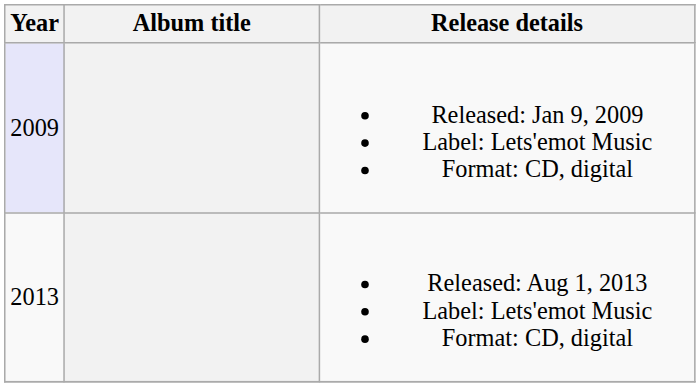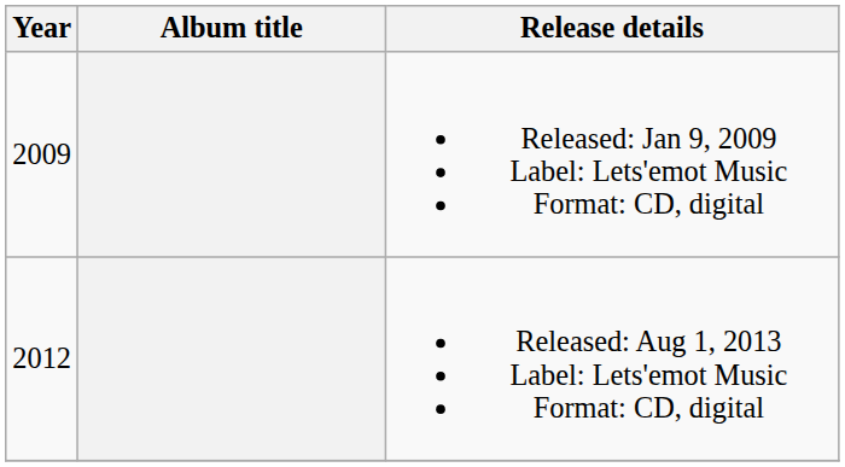 <table class="wikitable plainrowheaders" style="text-align:center;">
 <tr>
 <th>Year</th>
 <th scope="col" rowspan="1" style="width:10em;">Album title</th>
 <th scope="col" rowspan="1" style="width:15em;">Release details</th>
 </tr>
 <tr>
-<td style="background: lavender;">2009</td>
+<td>2009</td>
 <th></th>
 <td><br><ul><li>Released: Jan 9, 2009</li><li>Label: Lets'emot Music</li><li>Format: CD, digital</li></ul></td>
 </tr>
 <tr>
-<td>2013</td>
+<td>2012</td>
 <th></th>
 <td><br><ul><li>Released: Aug 1, 2013</li><li>Label: Lets'emot Music</li><li>Format: CD, digital</li></ul></td>
 </tr>
 <tr>
 </tr>
 </table>
